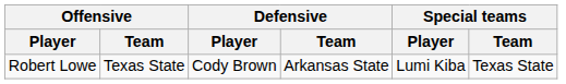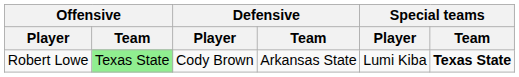 <table class="wikitable">
 <tr>
 <th colspan="2">Offensive</th>
 <th colspan="2">Defensive</th>
 <th colspan="2">Special teams</th>
 </tr>
 <tr>
 <th>Player</th>
 <th>Team</th>
 <th>Player</th>
 <th>Team</th>
 <th>Player</th>
 <th>Team</th>
 </tr>
 <tr>
 <td>Robert Lowe</td>
-<td>Texas State</td>
+<td style="background: lightgreen;">Texas State</td>
 <td>Cody Brown</td>
 <td>Arkansas State</td>
 <td>Lumi Kiba</td>
-<td>Texas State</td>
+<td><strong>Texas State</strong></td>
 </tr>
 </table>
